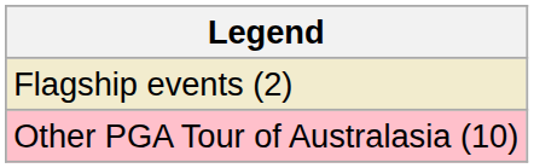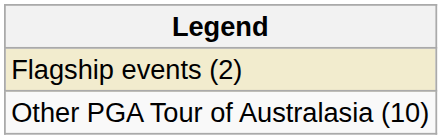 <table class="wikitable" style="font-size:95%;">
 <tr>
 <th>Legend</th>
 </tr>
 <tr style="background:#f2ecce;">
 <td>Flagship events (2)</td>
 </tr>
 <tr>
-<td style="background: pink;">Other PGA Tour of Australasia (10)</td>
+<td>Other PGA Tour of Australasia (10)</td>
 </tr>
 </table>
